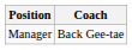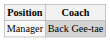 <table class="wikitable">
 <tr>
 <th>Position</th>
 <th>Coach</th>
 </tr>
 <tr>
 <td>Manager</td>
-<td> Back Gee-tae</td>
+<td style="background: lightgrey;"> Back Gee-tae</td>
 </tr>
 </table>
